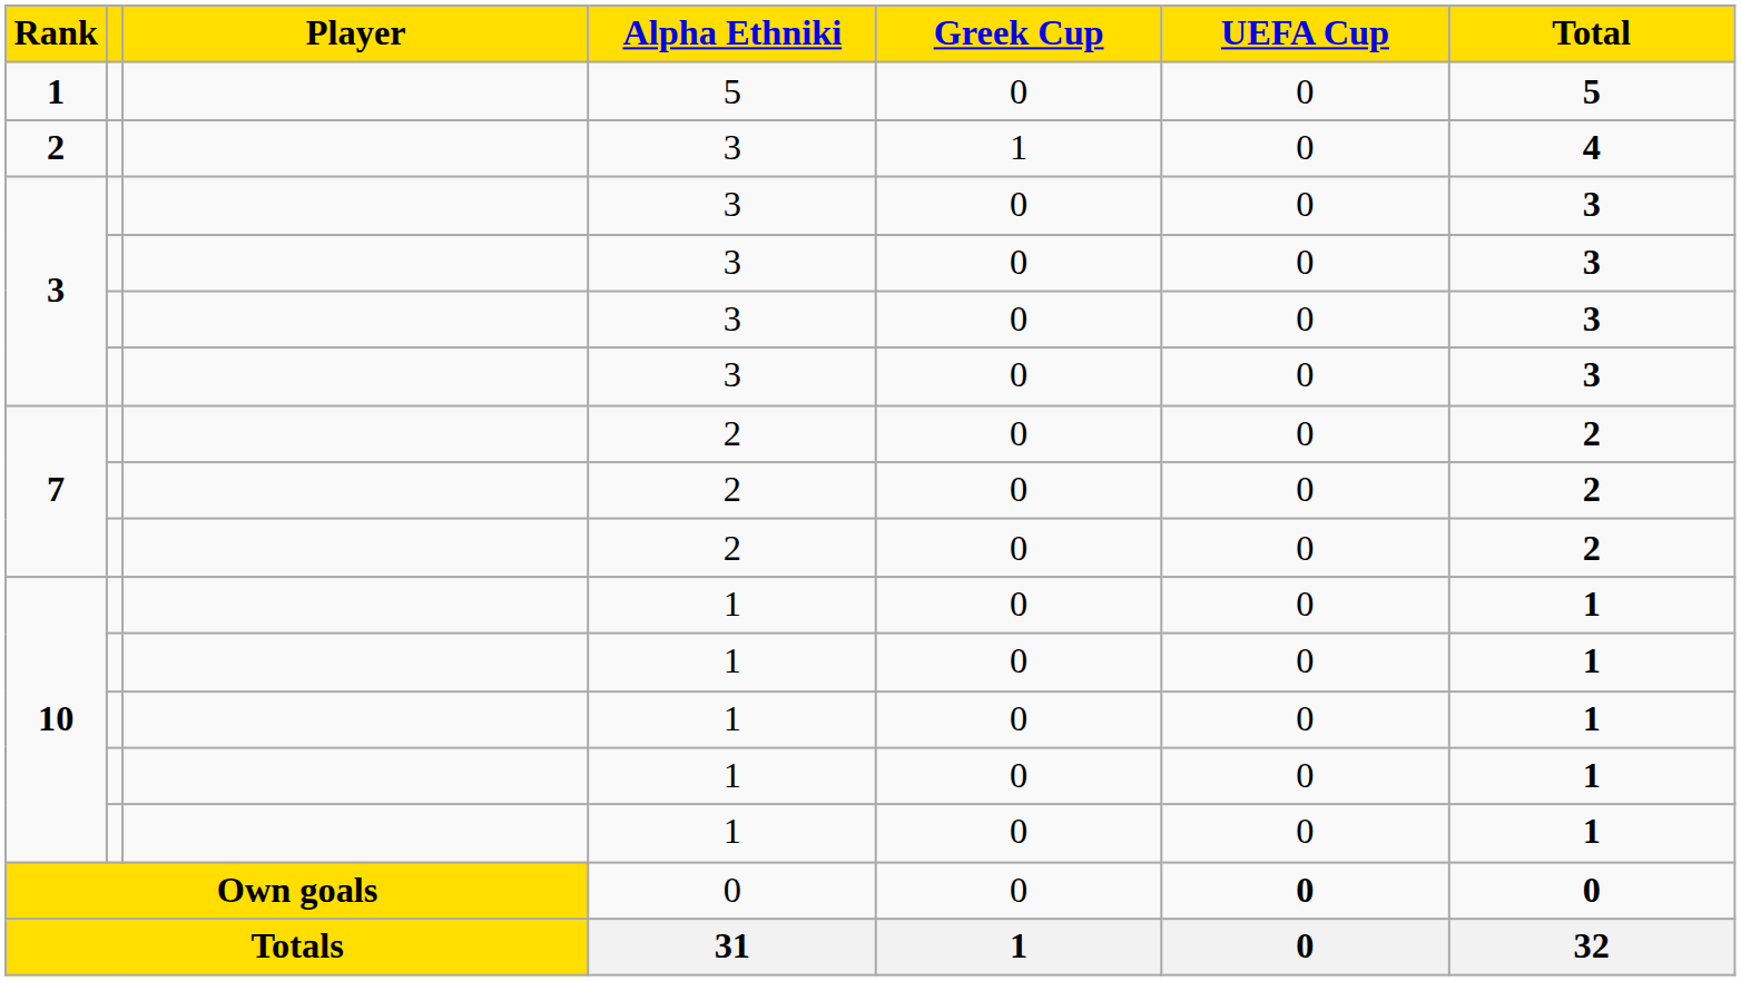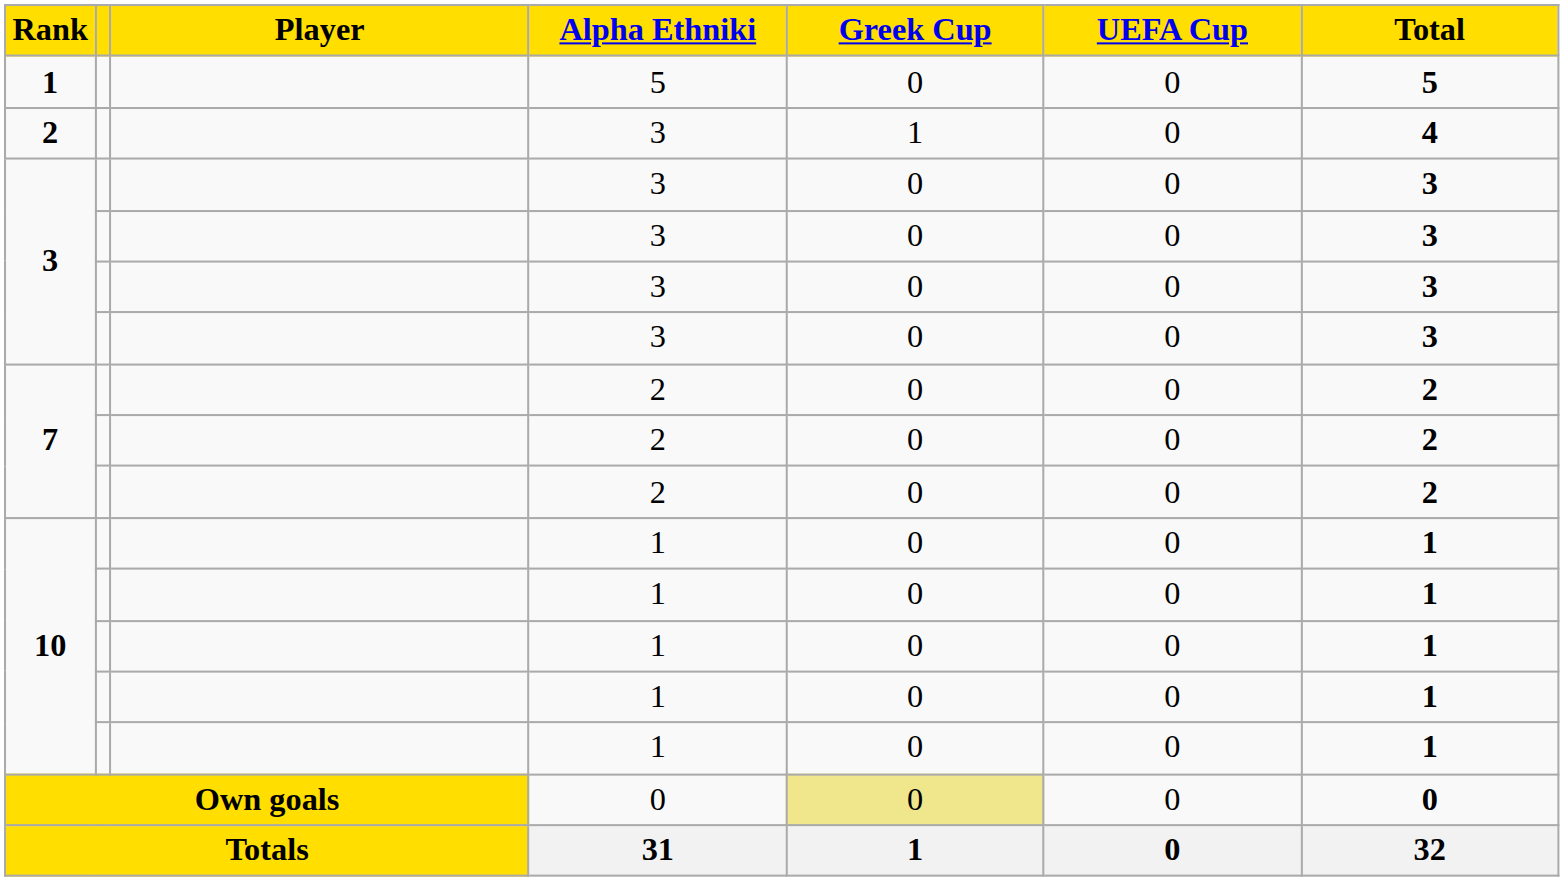 <table class="wikitable sortable" style="text-align: center">
 <tr>
 <th style="background:#FFDE00">Rank</th>
 <th style="background:#FFDE00"></th>
 <th width=200 style="background:#FFDE00">Player</th>
 <th width=120 style="background:#FFDE00"><a href='#'>Alpha Ethniki</a></th>
 <th width=120 style="background:#FFDE00"><a href='#'>Greek Cup</a></th>
 <th width=120 style="background:#FFDE00"><a href='#'>UEFA Cup</a></th>
 <th width=120 style="background:#FFDE00">Total</th>
 </tr>
 <tr>
 <td><strong>1</strong></td>
 <td></td>
 <td align=left></td>
 <td>5</td>
 <td>0</td>
 <td>0</td>
 <td><strong>5</strong></td>
 </tr>
 <tr>
 <td><strong>2</strong></td>
 <td></td>
 <td align=left></td>
 <td>3</td>
 <td>1</td>
 <td>0</td>
 <td><strong>4</strong></td>
 </tr>
 <tr>
 <td rowspan=4><strong>3</strong></td>
 <td></td>
 <td align=left></td>
 <td>3</td>
 <td>0</td>
 <td>0</td>
 <td><strong>3</strong></td>
 </tr>
 <tr>
 <td></td>
 <td align=left></td>
 <td>3</td>
 <td>0</td>
 <td>0</td>
 <td><strong>3</strong></td>
 </tr>
 <tr>
 <td></td>
 <td align=left></td>
 <td>3</td>
 <td>0</td>
 <td>0</td>
 <td><strong>3</strong></td>
 </tr>
 <tr>
 <td></td>
 <td align=left></td>
 <td>3</td>
 <td>0</td>
 <td>0</td>
 <td><strong>3</strong></td>
 </tr>
 <tr>
 <td rowspan=3><strong>7</strong></td>
 <td></td>
 <td align=left></td>
 <td>2</td>
 <td>0</td>
 <td>0</td>
 <td><strong>2</strong></td>
 </tr>
 <tr>
 <td></td>
 <td align=left></td>
 <td>2</td>
 <td>0</td>
 <td>0</td>
 <td><strong>2</strong></td>
 </tr>
 <tr>
 <td></td>
 <td align=left></td>
 <td>2</td>
 <td>0</td>
 <td>0</td>
 <td><strong>2</strong></td>
 </tr>
 <tr>
 <td rowspan=5><strong>10</strong></td>
 <td></td>
 <td align=left></td>
 <td>1</td>
 <td>0</td>
 <td>0</td>
 <td><strong>1</strong></td>
 </tr>
 <tr>
 <td></td>
 <td align=left></td>
 <td>1</td>
 <td>0</td>
 <td>0</td>
 <td><strong>1</strong></td>
 </tr>
 <tr>
 <td></td>
 <td align=left></td>
 <td>1</td>
 <td>0</td>
 <td>0</td>
 <td><strong>1</strong></td>
 </tr>
 <tr>
 <td></td>
 <td align=left></td>
 <td>1</td>
 <td>0</td>
 <td>0</td>
 <td><strong>1</strong></td>
 </tr>
 <tr>
 <td></td>
 <td align=left></td>
 <td>1</td>
 <td>0</td>
 <td>0</td>
 <td><strong>1</strong></td>
 </tr>
 <tr class="sortbottom">
 <td colspan=3 style="background:#FFDE00"><strong>Own goals</strong></td>
 <td>0</td>
+<td style="background: khaki;">0</td>
 <td>0</td>
-<td><strong>0</strong></td>
 <td><strong>0</strong></td>
 </tr>
 <tr class="sortbottom">
 <th colspan=3 style="background:#FFDE00"><strong>Totals</strong></th>
 <th><strong>31</strong></th>
 <th><strong> 1</strong></th>
 <th><strong> 0</strong></th>
 <th><strong>32</strong></th>
 </tr>
 </table>
